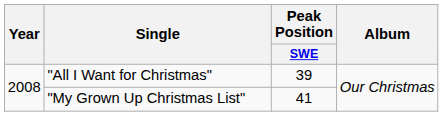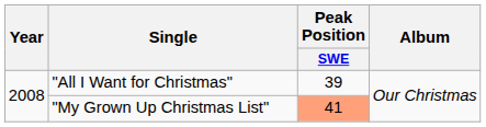 <table class="wikitable plainrowheaders" style="text-align:center;" border="1">
 <tr>
 <th scope="col" rowspan="2">Year</th>
 <th scope="col" rowspan="2" style="width:15em;">Single</th>
 <th scope="col" colspan="1">Peak Position</th>
 <th scope="col" rowspan="2">Album</th>
 </tr>
 <tr>
 <th scope="col" style="width:3em;font-size:85%;"><a href='#'>SWE</a><br></th>
 </tr>
 <tr>
 <td rowspan="2">2008</td>
 <td style="text-align:left;">"All I Want for Christmas"</td>
 <td>39</td>
 <td style="text-align:left;" rowspan=2><em>Our Christmas</em></td>
 </tr>
 <tr>
 <td style="text-align:left;">"My Grown Up Christmas List"</td>
-<td>41</td>
+<td style="background: lightsalmon;">41</td>
 </tr>
 </table>
